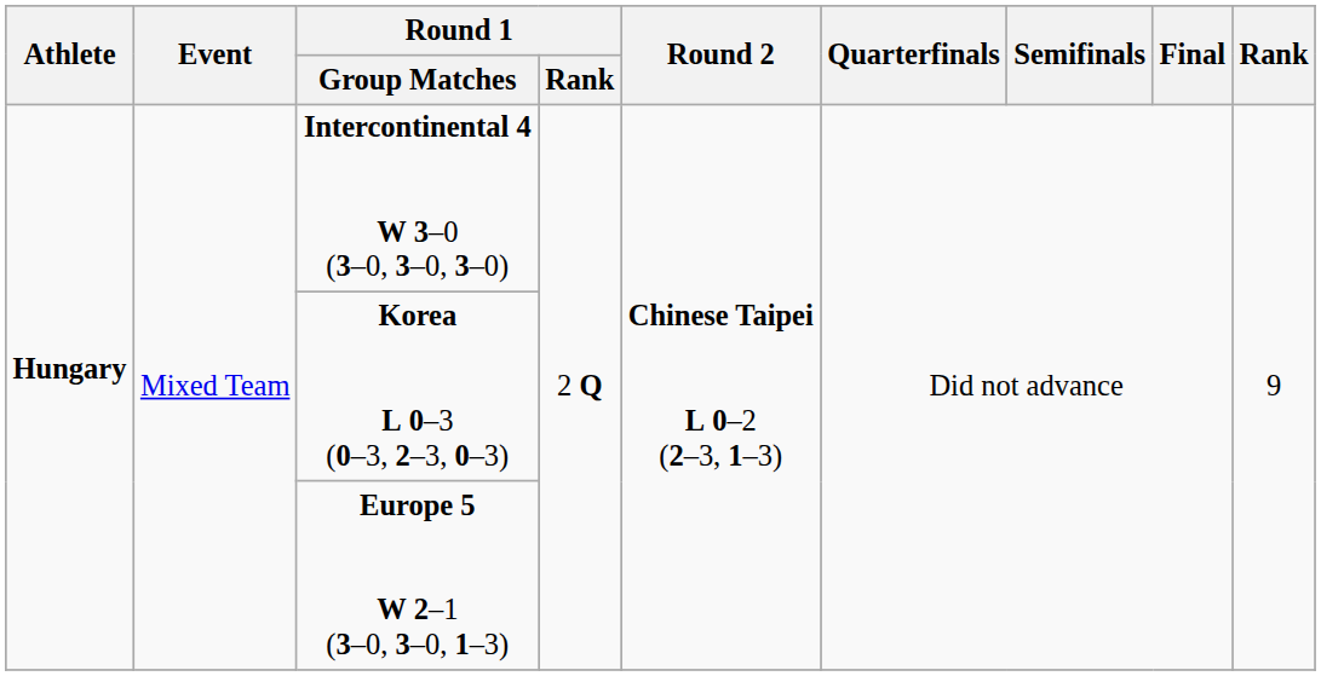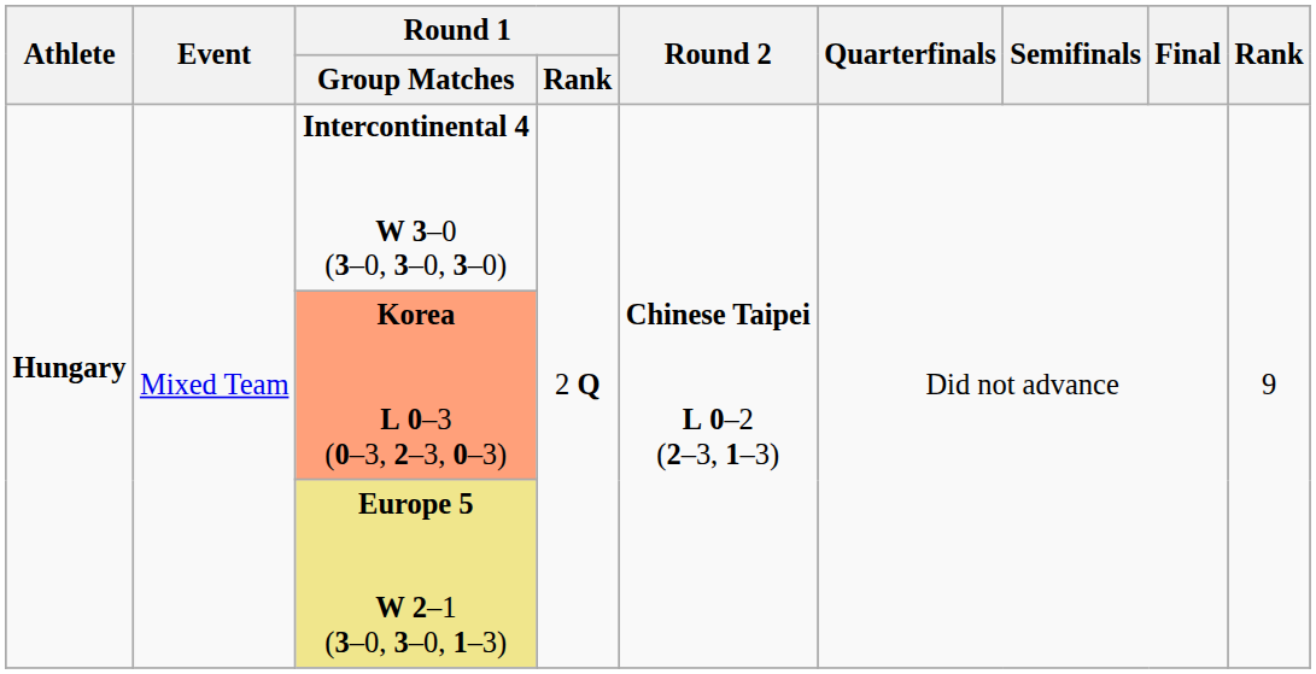 <table class="wikitable" border="1" style="font-size:90%">
 <tr>
 <th rowspan=2>Athlete</th>
 <th rowspan=2>Event</th>
 <th colspan=2>Round 1</th>
 <th rowspan=2>Round 2</th>
 <th rowspan=2>Quarterfinals</th>
 <th rowspan=2>Semifinals</th>
 <th rowspan=2>Final</th>
 <th rowspan=2>Rank</th>
 </tr>
 <tr>
 <th>Group Matches</th>
 <th>Rank</th>
 </tr>
 <tr>
 <td rowspan=3><strong>Hungary</strong><br><br></td>
 <td rowspan=3><a href='#'>Mixed Team</a></td>
 <td align=center><strong>Intercontinental 4</strong><br><br><br> <strong>W</strong> <strong>3</strong>–0 <br> (<strong>3</strong>–0, <strong>3</strong>–0, <strong>3</strong>–0)</td>
 <td rowspan=3 align=center>2 <strong>Q</strong></td>
 <td align=center rowspan=3><strong>Chinese Taipei</strong><br><br><br> <strong>L</strong> <strong>0</strong>–2 <br> (<strong>2</strong>–3, <strong>1</strong>–3)</td>
 <td rowspan=3 colspan=3 align=center>Did not advance</td>
 <td rowspan=3 align=center>9</td>
 </tr>
 <tr>
-<td align=center><strong>Korea</strong><br><br><br> <strong>L</strong> <strong>0</strong>–3 <br> (<strong>0</strong>–3, <strong>2</strong>–3, <strong>0</strong>–3)</td>
+<td align=center style="background: lightsalmon;"><strong>Korea</strong><br><br><br> <strong>L</strong> <strong>0</strong>–3 <br> (<strong>0</strong>–3, <strong>2</strong>–3, <strong>0</strong>–3)</td>
 </tr>
 <tr>
-<td align=center><strong>Europe 5</strong><br><br><br> <strong>W</strong> <strong>2</strong>–1 <br> (<strong>3</strong>–0, <strong>3</strong>–0, <strong>1</strong>–3)</td>
+<td align=center style="background: khaki;"><strong>Europe 5</strong><br><br><br> <strong>W</strong> <strong>2</strong>–1 <br> (<strong>3</strong>–0, <strong>3</strong>–0, <strong>1</strong>–3)</td>
 </tr>
 </table>
